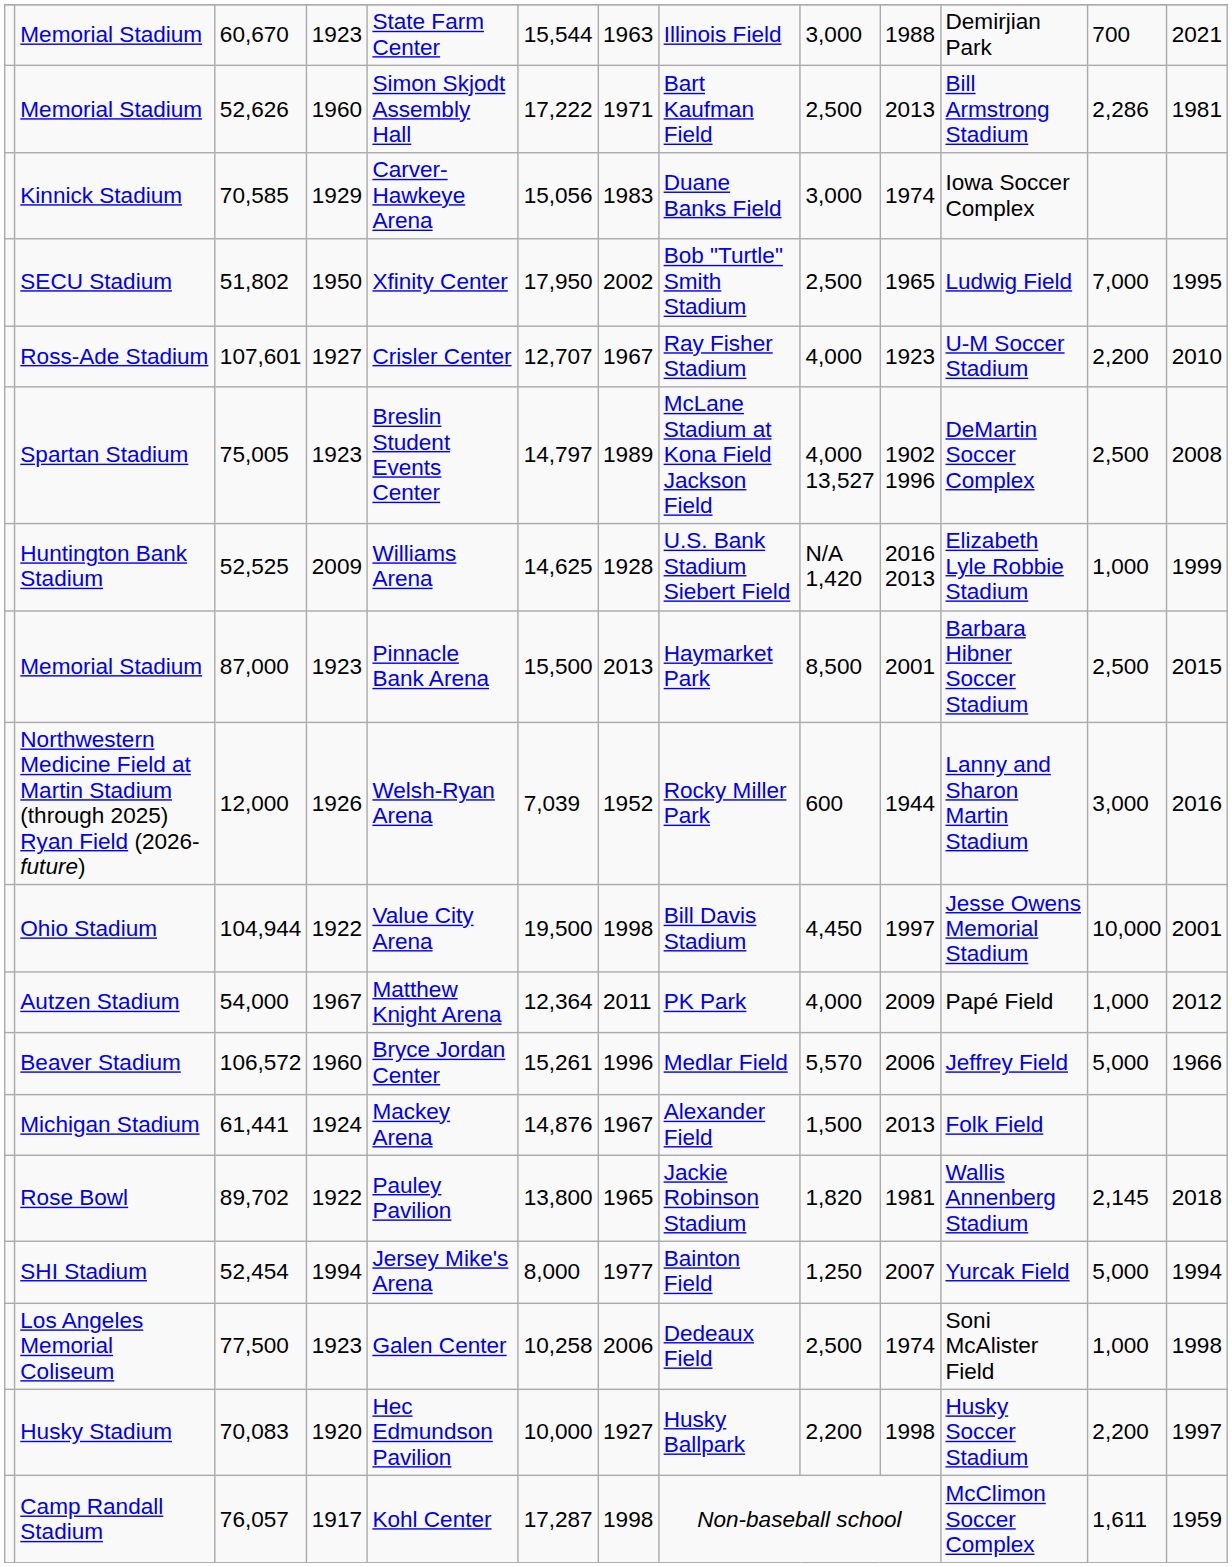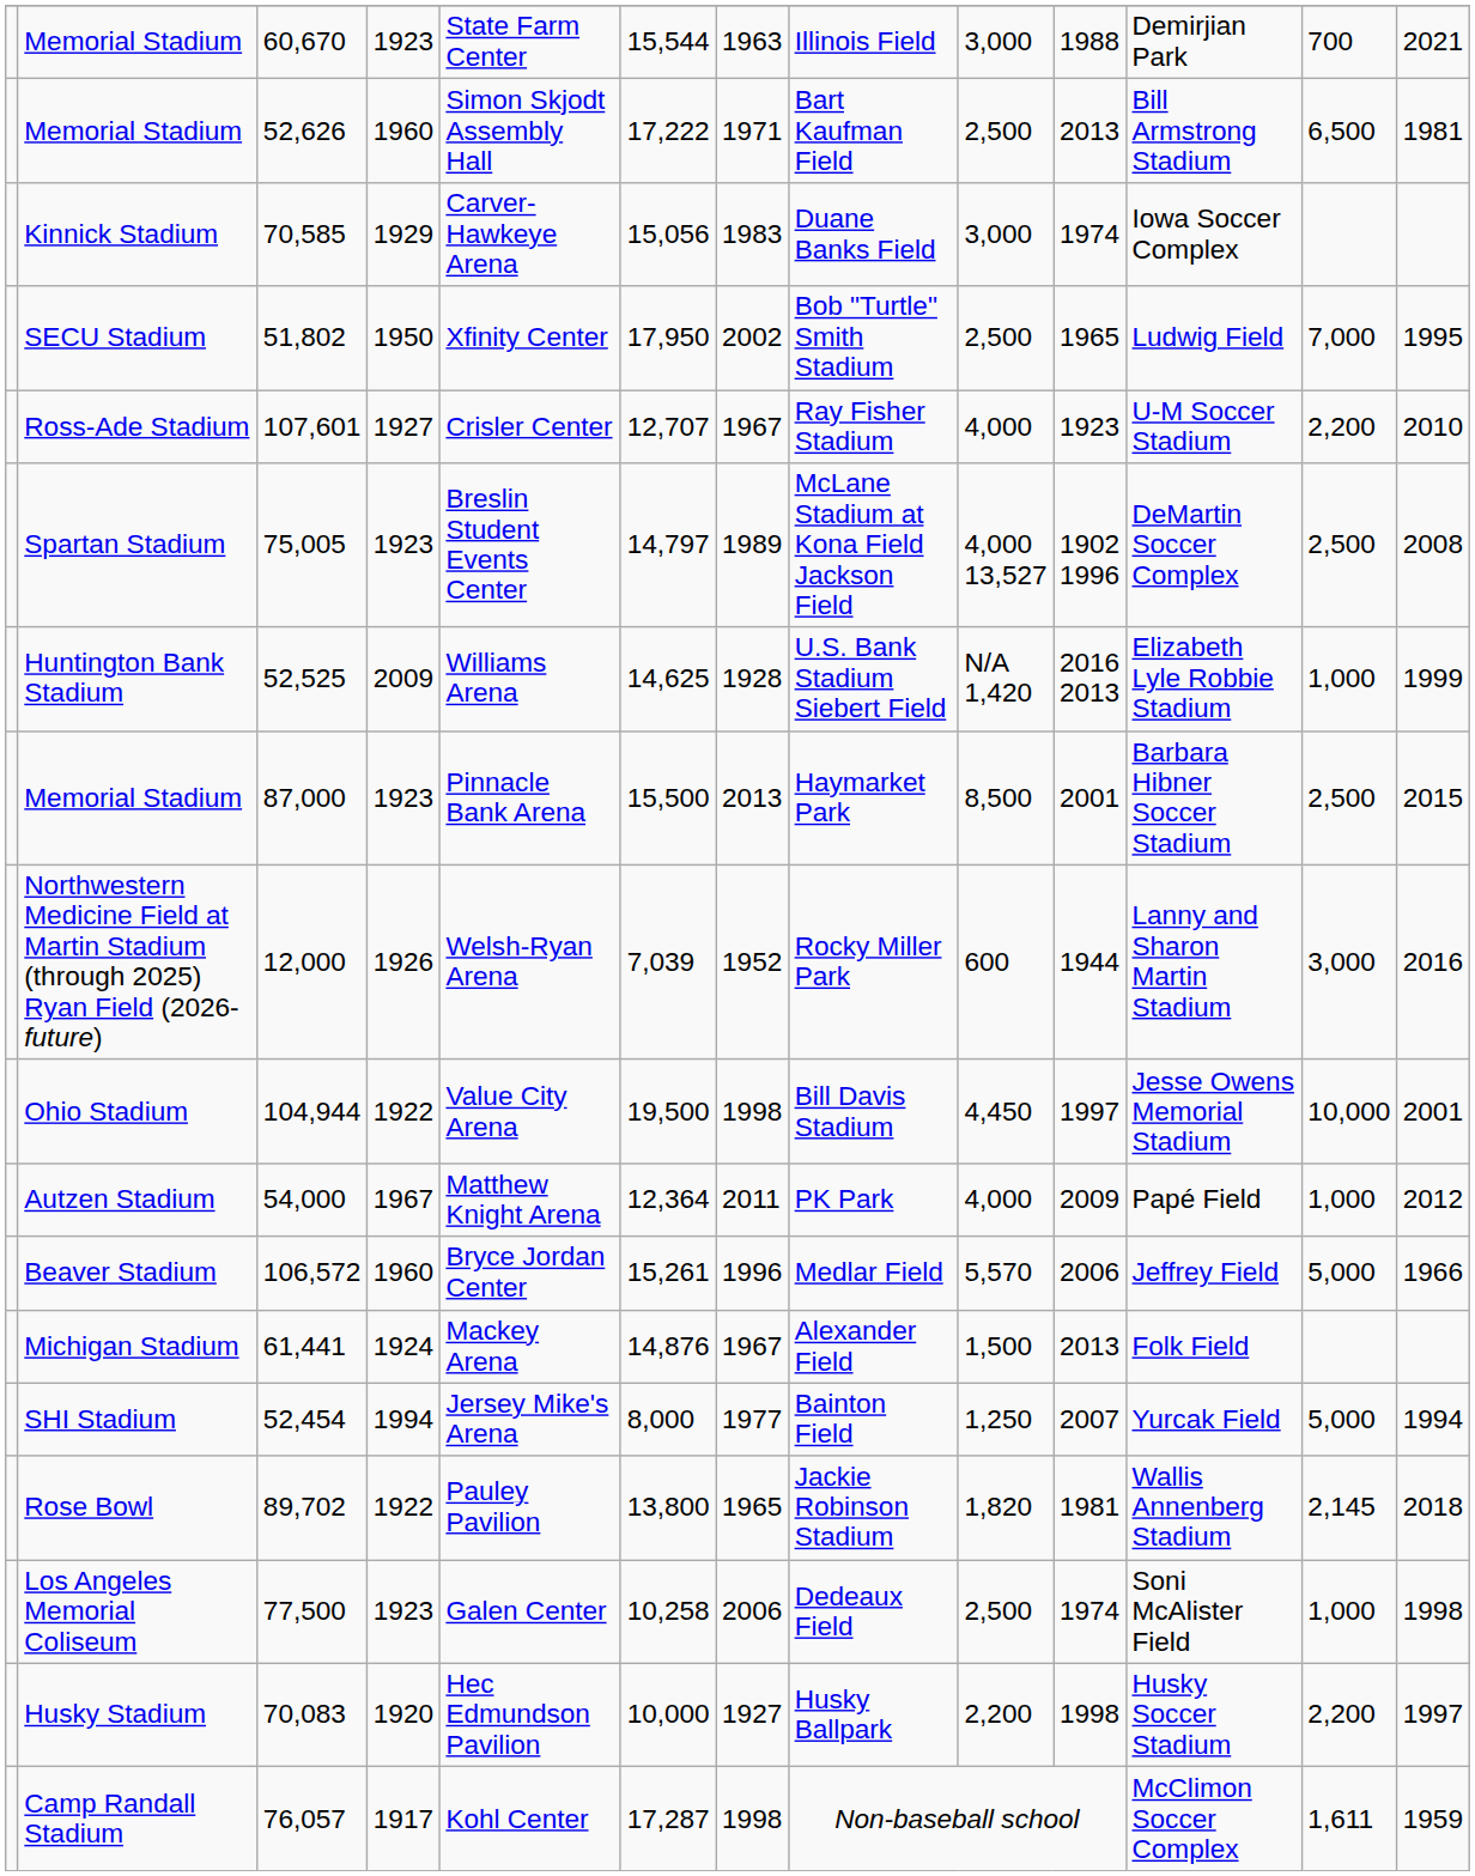 <table class="wikitable sortable">
 <tr>
 </tr>
 <tr>
 <td><a href='#'></a></td>
 <td><a href='#'>Memorial Stadium</a></td>
 <td>60,670</td>
 <td>1923</td>
 <td><a href='#'>State Farm Center</a></td>
 <td>15,544</td>
 <td>1963</td>
 <td><a href='#'>Illinois Field</a></td>
 <td>3,000</td>
 <td>1988</td>
 <td>Demirjian Park</td>
 <td>700</td>
 <td>2021</td>
 </tr>
 <tr>
 <td><a href='#'></a></td>
 <td><a href='#'>Memorial Stadium</a></td>
 <td>52,626</td>
 <td>1960</td>
 <td><a href='#'>Simon Skjodt Assembly Hall</a></td>
 <td>17,222</td>
 <td>1971</td>
 <td><a href='#'>Bart Kaufman Field</a></td>
 <td>2,500</td>
 <td>2013</td>
 <td><a href='#'>Bill Armstrong Stadium</a></td>
-<td>2,286</td>
+<td>6,500</td>
 <td>1981</td>
 </tr>
 <tr>
 <td><a href='#'></a></td>
 <td><a href='#'>Kinnick Stadium</a></td>
 <td>70,585</td>
 <td>1929</td>
 <td><a href='#'>Carver-Hawkeye Arena</a></td>
 <td>15,056</td>
 <td>1983</td>
 <td><a href='#'>Duane Banks Field</a></td>
 <td>3,000</td>
 <td>1974</td>
 <td>Iowa Soccer Complex</td>
 <td></td>
 <td></td>
 </tr>
 <tr>
 <td><a href='#'></a></td>
 <td><a href='#'>SECU Stadium</a></td>
 <td>51,802</td>
 <td>1950</td>
 <td><a href='#'>Xfinity Center</a></td>
 <td>17,950</td>
 <td>2002</td>
 <td><a href='#'>Bob "Turtle" Smith Stadium</a></td>
 <td>2,500</td>
 <td>1965</td>
 <td><a href='#'>Ludwig Field</a></td>
 <td>7,000</td>
 <td>1995</td>
 </tr>
 <tr>
 <td><a href='#'></a></td>
 <td><a href='#'>Ross-Ade Stadium</a></td>
 <td>107,601</td>
 <td>1927</td>
 <td><a href='#'>Crisler Center</a></td>
 <td>12,707</td>
 <td>1967</td>
 <td><a href='#'>Ray Fisher Stadium</a></td>
 <td>4,000</td>
 <td>1923</td>
 <td><a href='#'>U-M Soccer Stadium</a></td>
 <td>2,200</td>
 <td>2010</td>
 </tr>
 <tr>
 <td><a href='#'></a></td>
 <td><a href='#'>Spartan Stadium</a></td>
 <td>75,005</td>
 <td>1923</td>
 <td><a href='#'>Breslin Student Events Center</a></td>
 <td>14,797</td>
 <td>1989</td>
 <td><a href='#'>McLane Stadium at Kona Field</a><br><a href='#'>Jackson Field</a></td>
 <td><br>4,000<br>13,527</td>
 <td><br>1902<br>1996</td>
 <td><a href='#'>DeMartin Soccer Complex</a></td>
 <td>2,500</td>
 <td>2008</td>
 </tr>
 <tr>
 <td><a href='#'></a></td>
 <td><a href='#'>Huntington Bank Stadium</a></td>
 <td>52,525</td>
 <td>2009</td>
 <td><a href='#'>Williams Arena</a></td>
 <td>14,625</td>
 <td>1928</td>
 <td><a href='#'>U.S. Bank Stadium</a><br><a href='#'>Siebert Field</a></td>
 <td>N/A<br>1,420</td>
 <td>2016<br>2013</td>
 <td><a href='#'>Elizabeth Lyle Robbie Stadium</a></td>
 <td>1,000</td>
 <td>1999</td>
 </tr>
 <tr>
 <td><a href='#'></a></td>
 <td><a href='#'>Memorial Stadium</a></td>
 <td>87,000</td>
 <td>1923</td>
 <td><a href='#'>Pinnacle Bank Arena</a></td>
 <td>15,500</td>
 <td>2013</td>
 <td><a href='#'>Haymarket Park</a></td>
 <td>8,500</td>
 <td>2001</td>
 <td><a href='#'>Barbara Hibner Soccer Stadium</a></td>
 <td>2,500</td>
 <td>2015</td>
 </tr>
 <tr>
 <td><a href='#'></a></td>
 <td><a href='#'>Northwestern Medicine Field at Martin Stadium</a> (through 2025)<br><a href='#'>Ryan Field</a> (2026-<em>future</em>)</td>
 <td>12,000</td>
 <td>1926</td>
 <td><a href='#'>Welsh-Ryan Arena</a></td>
 <td>7,039</td>
 <td>1952</td>
 <td><a href='#'>Rocky Miller Park</a></td>
 <td>600</td>
 <td>1944</td>
 <td><a href='#'>Lanny and Sharon Martin Stadium</a></td>
 <td>3,000</td>
 <td>2016</td>
 </tr>
 <tr>
 <td><a href='#'></a></td>
 <td><a href='#'>Ohio Stadium</a></td>
 <td>104,944</td>
 <td>1922</td>
 <td><a href='#'>Value City Arena</a></td>
 <td>19,500</td>
 <td>1998</td>
 <td><a href='#'>Bill Davis Stadium</a></td>
 <td>4,450</td>
 <td>1997</td>
 <td><a href='#'>Jesse Owens Memorial Stadium</a></td>
 <td>10,000</td>
 <td>2001</td>
 </tr>
 <tr>
 <td><a href='#'></a></td>
 <td><a href='#'>Autzen Stadium</a></td>
 <td>54,000</td>
 <td>1967</td>
 <td><a href='#'>Matthew Knight Arena</a></td>
 <td>12,364</td>
 <td>2011</td>
 <td><a href='#'>PK Park</a></td>
 <td>4,000</td>
 <td>2009</td>
 <td>Papé Field</td>
 <td>1,000</td>
 <td>2012</td>
 </tr>
 <tr>
 <td><a href='#'></a></td>
 <td><a href='#'>Beaver Stadium</a></td>
 <td>106,572</td>
 <td>1960</td>
 <td><a href='#'>Bryce Jordan Center</a></td>
 <td>15,261</td>
 <td>1996</td>
 <td><a href='#'>Medlar Field</a></td>
 <td>5,570</td>
 <td>2006</td>
 <td><a href='#'>Jeffrey Field</a></td>
 <td>5,000</td>
 <td>1966</td>
 </tr>
 <tr>
 <td><a href='#'></a></td>
 <td><a href='#'>Michigan Stadium</a></td>
 <td>61,441</td>
 <td>1924</td>
 <td><a href='#'>Mackey Arena</a></td>
 <td>14,876</td>
 <td>1967</td>
 <td><a href='#'>Alexander Field</a></td>
 <td>1,500</td>
 <td>2013</td>
 <td><a href='#'>Folk Field</a></td>
 <td></td>
 <td></td>
 </tr>
 <tr>
 <td><a href='#'></a></td>
+<td><a href='#'>SHI Stadium</a></td>
+<td>52,454</td>
+<td>1994</td>
+<td><a href='#'>Jersey Mike's Arena</a></td>
+<td>8,000</td>
+<td>1977</td>
+<td><a href='#'>Bainton Field</a></td>
+<td>1,250</td>
+<td>2007</td>
+<td><a href='#'>Yurcak Field</a></td>
+<td>5,000</td>
+<td>1994</td>
+</tr>
+<tr>
+<td><a href='#'></a></td>
 <td><a href='#'>Rose Bowl</a></td>
 <td>89,702</td>
 <td>1922</td>
 <td><a href='#'>Pauley Pavilion</a></td>
 <td>13,800</td>
 <td>1965</td>
 <td><a href='#'>Jackie Robinson Stadium</a></td>
 <td>1,820</td>
 <td>1981</td>
 <td><a href='#'>Wallis Annenberg Stadium</a></td>
 <td>2,145</td>
 <td>2018</td>
-</tr>
-<tr>
-<td><a href='#'></a></td>
-<td><a href='#'>SHI Stadium</a></td>
-<td>52,454</td>
-<td>1994</td>
-<td><a href='#'>Jersey Mike's Arena</a></td>
-<td>8,000</td>
-<td>1977</td>
-<td><a href='#'>Bainton Field</a></td>
-<td>1,250</td>
-<td>2007</td>
-<td><a href='#'>Yurcak Field</a></td>
-<td>5,000</td>
-<td>1994</td>
 </tr>
 <tr>
 <td><a href='#'></a></td>
 <td><a href='#'>Los Angeles Memorial Coliseum</a></td>
 <td>77,500</td>
 <td>1923</td>
 <td><a href='#'>Galen Center</a></td>
 <td>10,258</td>
 <td>2006</td>
 <td><a href='#'>Dedeaux Field</a></td>
 <td>2,500</td>
 <td>1974</td>
 <td>Soni McAlister Field</td>
 <td>1,000</td>
 <td>1998</td>
 </tr>
 <tr>
 <td><a href='#'></a></td>
 <td><a href='#'>Husky Stadium</a></td>
 <td>70,083</td>
 <td>1920</td>
 <td><a href='#'>Hec Edmundson Pavilion</a></td>
 <td>10,000</td>
 <td>1927</td>
 <td><a href='#'>Husky Ballpark</a></td>
 <td>2,200</td>
 <td>1998</td>
 <td><a href='#'>Husky Soccer Stadium</a></td>
 <td>2,200</td>
 <td>1997</td>
 </tr>
 <tr>
 <td><a href='#'></a></td>
 <td><a href='#'>Camp Randall Stadium</a></td>
 <td>76,057</td>
 <td>1917</td>
 <td><a href='#'>Kohl Center</a></td>
 <td>17,287</td>
 <td>1998</td>
 <td colspan=3 align=center><em>Non-baseball school</em></td>
 <td><a href='#'>McClimon Soccer Complex</a></td>
 <td>1,611</td>
 <td>1959</td>
 </tr>
 </table>
